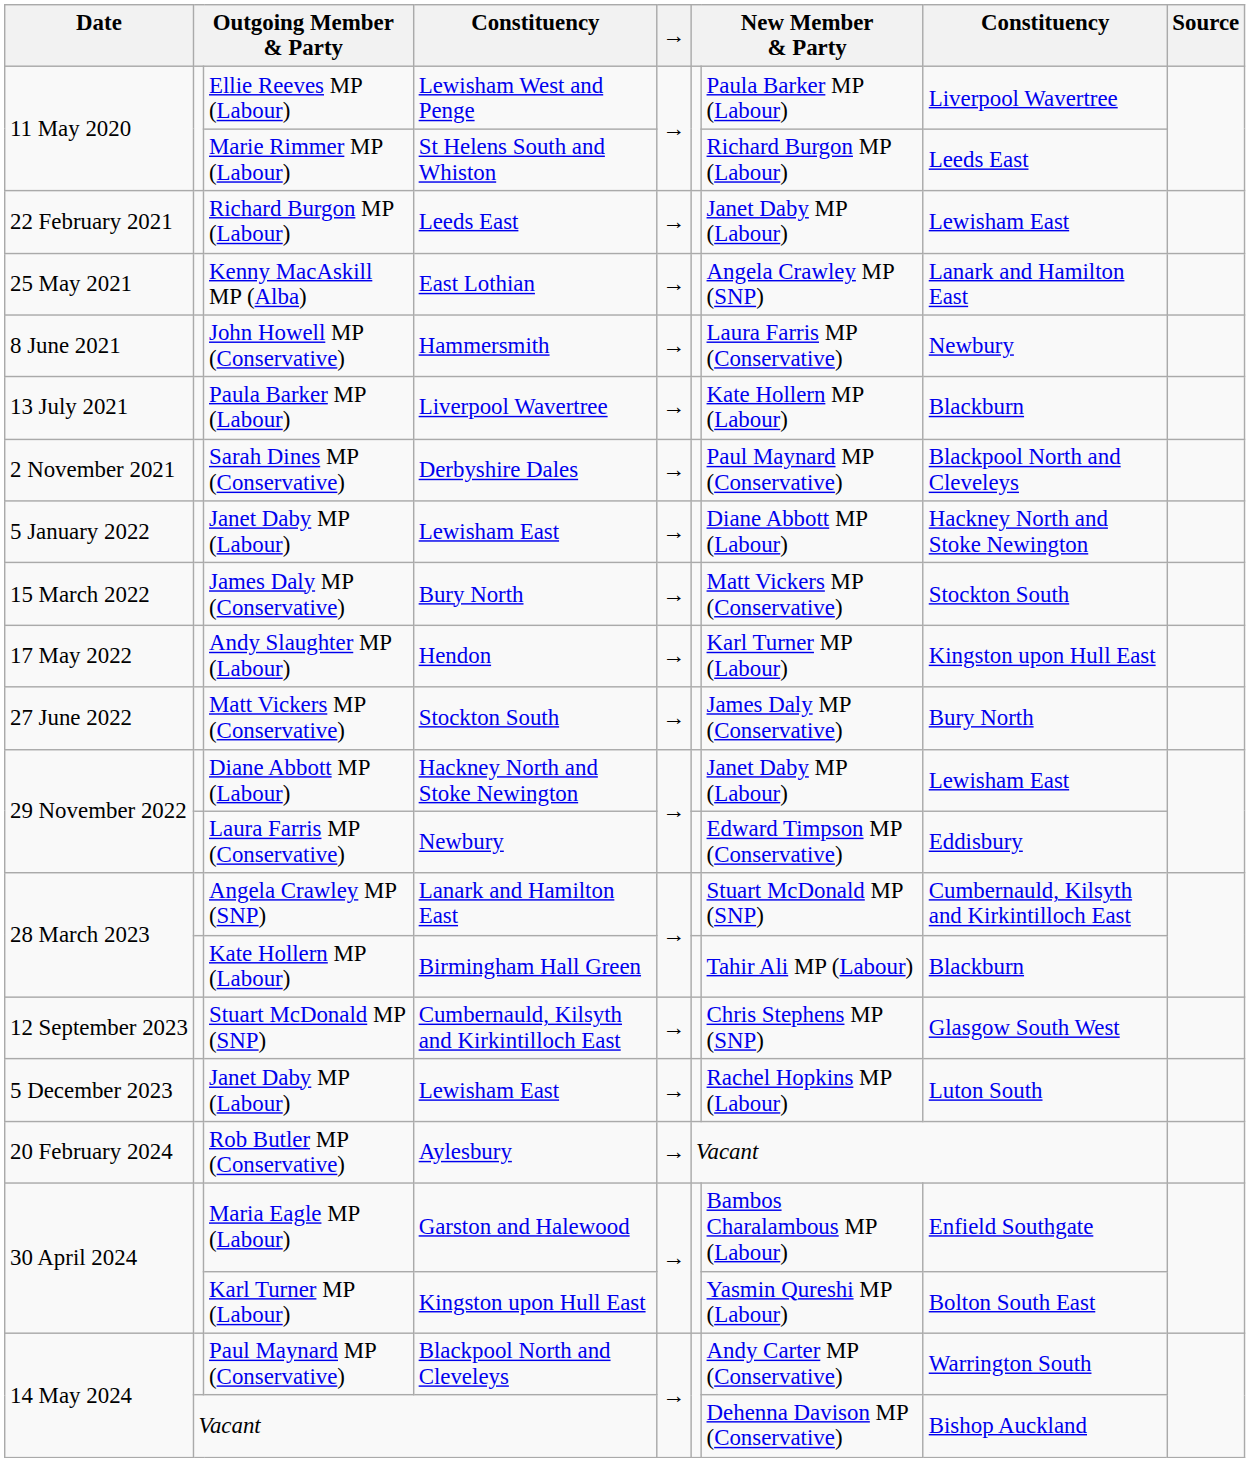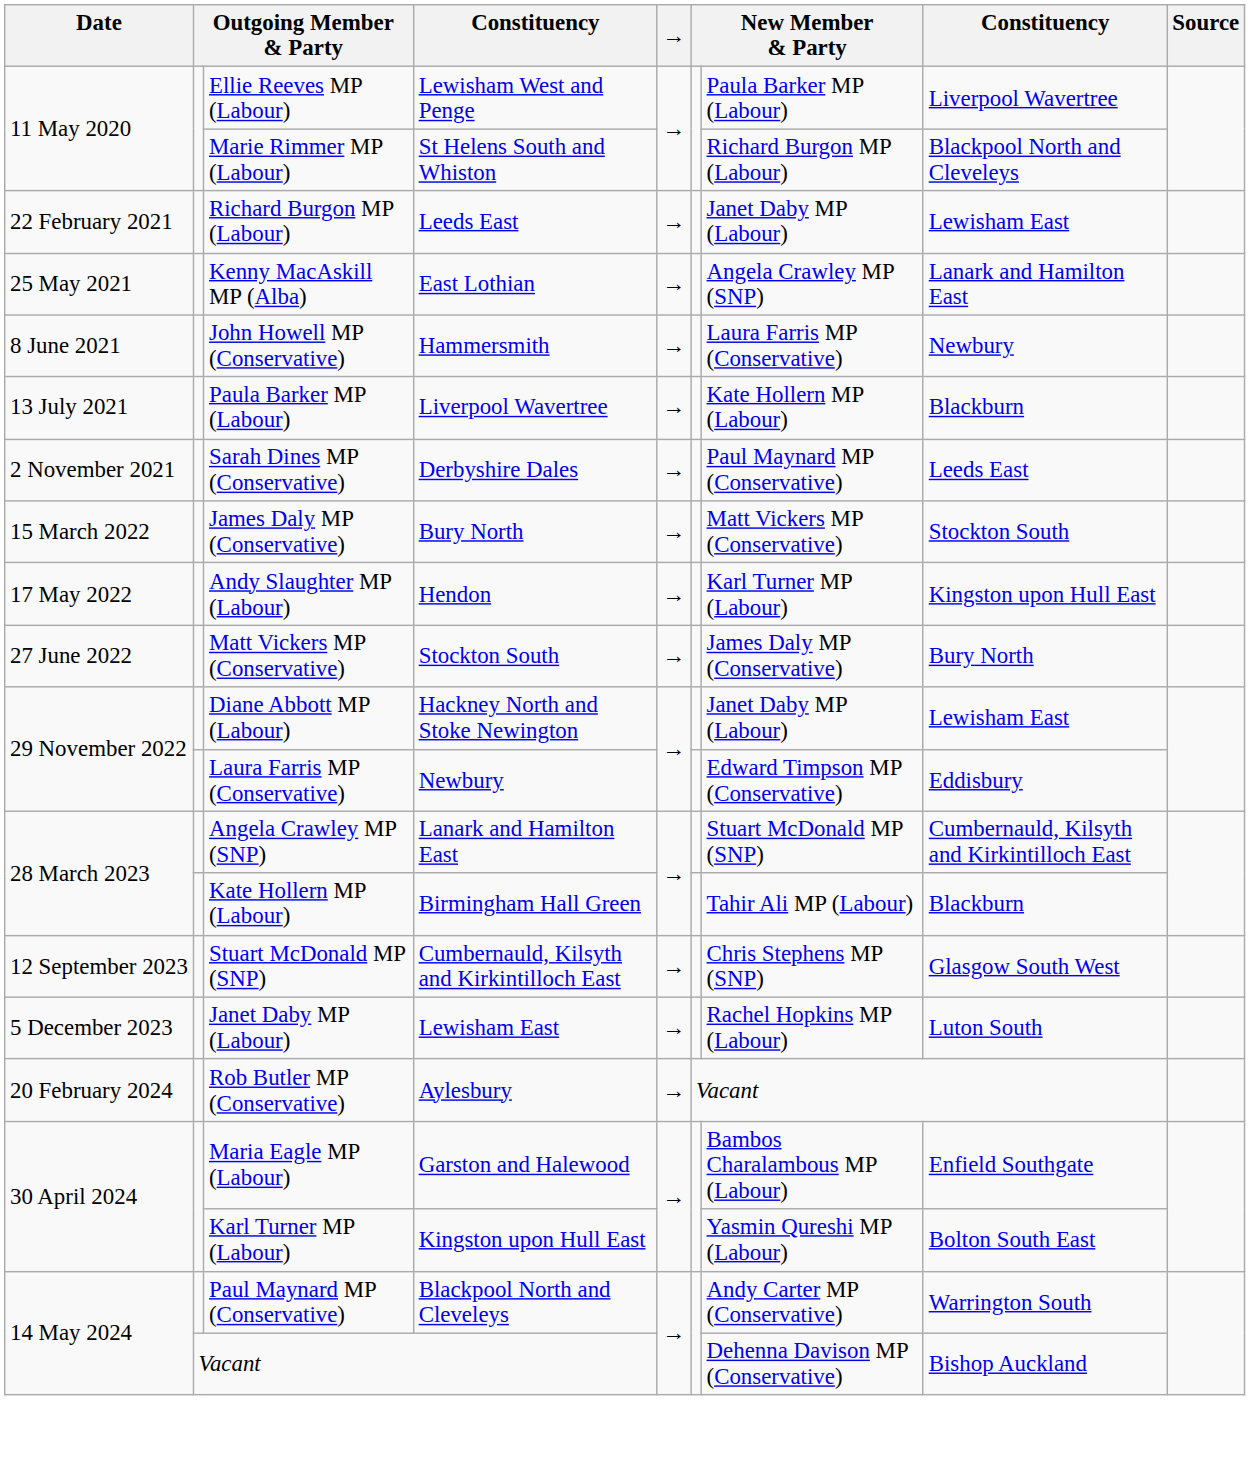 <table class="wikitable">
 <tr>
 <th valign="top">Date</th>
 <th colspan="2" valign="top">Outgoing Member<br>& Party</th>
 <th valign="top">Constituency</th>
 <th>→</th>
 <th colspan="2" valign="top">New Member<br>& Party</th>
 <th valign="top">Constituency</th>
 <th valign="top">Source</th>
 </tr>
 <tr>
 <td nowrap rowspan=2>11 May 2020</td>
 <td rowspan=2 style="color:inherit;background:"></td>
 <td><a href='#'>Ellie Reeves</a> MP (<a href='#'>Labour</a>)</td>
 <td><a href='#'>Lewisham West and Penge</a></td>
 <td rowspan=2>→</td>
 <td rowspan=2 style="color:inherit;background:"></td>
 <td><a href='#'>Paula Barker</a> MP (<a href='#'>Labour</a>)</td>
 <td><a href='#'>Liverpool Wavertree</a></td>
 <td rowspan=2></td>
 </tr>
 <tr>
 <td><a href='#'>Marie Rimmer</a> MP (<a href='#'>Labour</a>)</td>
 <td><a href='#'>St Helens South and Whiston</a></td>
 <td><a href='#'>Richard Burgon</a> MP (<a href='#'>Labour</a>)</td>
-<td><a href='#'>Leeds East</a></td>
+<td><a href='#'>Blackpool North and Cleveleys</a></td>
 </tr>
 <tr>
 <td nowrap>22 February 2021</td>
 <td style="color:inherit;background:"></td>
 <td><a href='#'>Richard Burgon</a> MP (<a href='#'>Labour</a>)</td>
 <td><a href='#'>Leeds East</a></td>
 <td>→</td>
 <td style="color:inherit;background:"></td>
 <td><a href='#'>Janet Daby</a> MP (<a href='#'>Labour</a>)</td>
 <td><a href='#'>Lewisham East</a></td>
 <td></td>
 </tr>
 <tr>
 <td nowrap>25 May 2021</td>
 <td style="color:inherit;background:"></td>
 <td><a href='#'>Kenny MacAskill</a> MP (<a href='#'>Alba</a>)</td>
 <td><a href='#'>East Lothian</a></td>
 <td>→</td>
 <td style="color:inherit;background:"></td>
 <td><a href='#'>Angela Crawley</a> MP (<a href='#'>SNP</a>)</td>
 <td><a href='#'>Lanark and Hamilton East</a></td>
 <td></td>
 </tr>
 <tr>
 <td nowrap>8 June 2021</td>
 <td style="color:inherit;background:"></td>
 <td><a href='#'>John Howell</a> MP (<a href='#'>Conservative</a>)</td>
 <td><a href='#'>Hammersmith</a></td>
 <td>→</td>
 <td style="color:inherit;background:"></td>
 <td><a href='#'>Laura Farris</a> MP (<a href='#'>Conservative</a>)</td>
 <td><a href='#'>Newbury</a></td>
 <td></td>
 </tr>
 <tr>
 <td nowrap>13 July 2021</td>
 <td style="color:inherit;background:"></td>
 <td><a href='#'>Paula Barker</a> MP (<a href='#'>Labour</a>)</td>
 <td><a href='#'>Liverpool Wavertree</a></td>
 <td>→</td>
 <td style="color:inherit;background:"></td>
 <td><a href='#'>Kate Hollern</a> MP (<a href='#'>Labour</a>)</td>
 <td><a href='#'>Blackburn</a></td>
 <td></td>
 </tr>
 <tr>
 <td nowrap>2 November 2021</td>
 <td style="color:inherit;background:"></td>
 <td><a href='#'>Sarah Dines</a> MP (<a href='#'>Conservative</a>)</td>
 <td><a href='#'>Derbyshire Dales</a></td>
 <td>→</td>
 <td style="color:inherit;background:"></td>
 <td><a href='#'>Paul Maynard</a> MP (<a href='#'>Conservative</a>)</td>
-<td><a href='#'>Blackpool North and Cleveleys</a></td>
-<td></td>
-</tr>
-<tr>
-<td nowrap>5 January 2022</td>
-<td style="color:inherit;background:"></td>
-<td><a href='#'>Janet Daby</a> MP (<a href='#'>Labour</a>)</td>
-<td><a href='#'>Lewisham East</a></td>
-<td>→</td>
-<td style="color:inherit;background:"></td>
-<td><a href='#'>Diane Abbott</a> MP (<a href='#'>Labour</a>)</td>
-<td><a href='#'>Hackney North and Stoke Newington</a></td>
+<td><a href='#'>Leeds East</a></td>
 <td></td>
 </tr>
 <tr>
 <td nowrap>15 March 2022</td>
 <td style="color:inherit;background:"></td>
 <td><a href='#'>James Daly</a> MP (<a href='#'>Conservative</a>)</td>
 <td><a href='#'>Bury North</a></td>
 <td>→</td>
 <td style="color:inherit;background:"></td>
 <td><a href='#'>Matt Vickers</a> MP (<a href='#'>Conservative</a>)</td>
 <td><a href='#'>Stockton South</a></td>
 <td></td>
 </tr>
 <tr>
 <td nowrap>17 May 2022</td>
 <td style="color:inherit;background:"></td>
 <td><a href='#'>Andy Slaughter</a> MP (<a href='#'>Labour</a>)</td>
 <td><a href='#'>Hendon</a></td>
 <td>→</td>
 <td style="color:inherit;background:"></td>
 <td><a href='#'>Karl Turner</a> MP (<a href='#'>Labour</a>)</td>
 <td><a href='#'>Kingston upon Hull East</a></td>
 <td></td>
 </tr>
 <tr>
 <td nowrap>27 June 2022</td>
 <td style="color:inherit;background:"></td>
 <td><a href='#'>Matt Vickers</a> MP (<a href='#'>Conservative</a>)</td>
 <td><a href='#'>Stockton South</a></td>
 <td>→</td>
 <td style="color:inherit;background:"></td>
 <td><a href='#'>James Daly</a> MP (<a href='#'>Conservative</a>)</td>
 <td><a href='#'>Bury North</a></td>
 <td></td>
 </tr>
 <tr>
 <td nowrap rowspan=2>29 November 2022</td>
 <td style="color:inherit;background:"></td>
 <td><a href='#'>Diane Abbott</a> MP (<a href='#'>Labour</a>)</td>
 <td><a href='#'>Hackney North and Stoke Newington</a></td>
 <td rowspan=2>→</td>
 <td style="color:inherit;background:"></td>
 <td><a href='#'>Janet Daby</a> MP (<a href='#'>Labour</a>)</td>
 <td><a href='#'>Lewisham East</a></td>
 <td rowspan=2></td>
 </tr>
 <tr>
 <td style="color:inherit;background:"></td>
 <td><a href='#'>Laura Farris</a> MP (<a href='#'>Conservative</a>)</td>
 <td><a href='#'>Newbury</a></td>
 <td style="color:inherit;background:"></td>
 <td><a href='#'>Edward Timpson</a> MP (<a href='#'>Conservative</a>)</td>
 <td><a href='#'>Eddisbury</a></td>
 </tr>
 <tr>
 <td nowrap rowspan=2>28 March 2023</td>
 <td style="color:inherit;background:"></td>
 <td><a href='#'>Angela Crawley</a> MP (<a href='#'>SNP</a>)</td>
 <td><a href='#'>Lanark and Hamilton East</a></td>
 <td rowspan=2>→</td>
 <td style="color:inherit;background:"></td>
 <td><a href='#'>Stuart McDonald</a> MP (<a href='#'>SNP</a>)</td>
 <td><a href='#'>Cumbernauld, Kilsyth and Kirkintilloch East</a></td>
 <td rowspan=2></td>
 </tr>
 <tr>
 <td style="color:inherit;background:"></td>
 <td><a href='#'>Kate Hollern</a> MP (<a href='#'>Labour</a>)</td>
 <td><a href='#'>Birmingham Hall Green</a></td>
 <td style="color:inherit;background:"></td>
 <td><a href='#'>Tahir Ali</a> MP (<a href='#'>Labour</a>)</td>
 <td><a href='#'>Blackburn</a></td>
 </tr>
 <tr>
 <td nowrap>12 September 2023</td>
 <td style="color:inherit;background:"></td>
 <td><a href='#'>Stuart McDonald</a> MP (<a href='#'>SNP</a>)</td>
 <td><a href='#'>Cumbernauld, Kilsyth and Kirkintilloch East</a></td>
 <td>→</td>
 <td style="color:inherit;background:"></td>
 <td><a href='#'>Chris Stephens</a> MP (<a href='#'>SNP</a>)</td>
 <td><a href='#'>Glasgow South West</a></td>
 <td></td>
 </tr>
 <tr>
 <td nowrap>5 December 2023</td>
 <td style="color:inherit;background:"></td>
 <td><a href='#'>Janet Daby</a> MP (<a href='#'>Labour</a>)</td>
 <td><a href='#'>Lewisham East</a></td>
 <td>→</td>
 <td style="color:inherit;background:"></td>
 <td><a href='#'>Rachel Hopkins</a> MP (<a href='#'>Labour</a>)</td>
 <td><a href='#'>Luton South</a></td>
 <td></td>
 </tr>
 <tr>
 <td nowrap>20 February 2024</td>
 <td style="color:inherit;background:"></td>
 <td><a href='#'>Rob Butler</a> MP (<a href='#'>Conservative</a>)</td>
 <td><a href='#'>Aylesbury</a></td>
 <td>→</td>
 <td colspan=3><em>Vacant</em></td>
 <td></td>
 </tr>
 <tr>
 <td nowrap rowspan=2>30 April 2024</td>
 <td rowspan=2 style="color:inherit;background:"></td>
 <td><a href='#'>Maria Eagle</a> MP (<a href='#'>Labour</a>)</td>
 <td><a href='#'>Garston and Halewood</a></td>
 <td rowspan=2>→</td>
 <td rowspan=2 style="color:inherit;background:"></td>
 <td><a href='#'>Bambos Charalambous</a> MP (<a href='#'>Labour</a>)</td>
 <td><a href='#'>Enfield Southgate</a></td>
 <td rowspan=2></td>
 </tr>
 <tr>
 <td><a href='#'>Karl Turner</a> MP (<a href='#'>Labour</a>)</td>
 <td><a href='#'>Kingston upon Hull East</a></td>
 <td><a href='#'>Yasmin Qureshi</a> MP (<a href='#'>Labour</a>)</td>
 <td><a href='#'>Bolton South East</a></td>
 </tr>
 <tr>
 <td nowrap rowspan=2>14 May 2024</td>
 <td style="color:inherit;background:"></td>
 <td><a href='#'>Paul Maynard</a> MP (<a href='#'>Conservative</a>)</td>
 <td><a href='#'>Blackpool North and Cleveleys</a></td>
 <td rowspan=2>→</td>
 <td rowspan=2 style="color:inherit;background:"></td>
 <td><a href='#'>Andy Carter</a> MP (<a href='#'>Conservative</a>)</td>
 <td><a href='#'>Warrington South</a></td>
 <td rowspan=2></td>
 </tr>
 <tr>
 <td colspan=3><em>Vacant</em></td>
 <td><a href='#'>Dehenna Davison</a> MP (<a href='#'>Conservative</a>)</td>
 <td><a href='#'>Bishop Auckland</a></td>
 </tr>
 </table>
